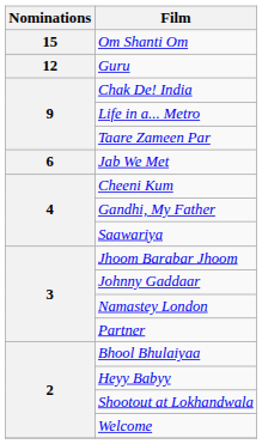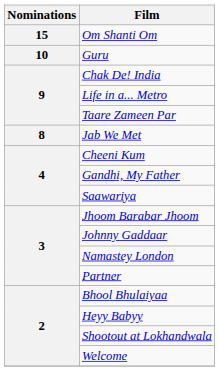 <table class="wikitable" style="display:inline-table;">
 <tr>
 <th>Nominations</th>
 <th>Film</th>
 </tr>
 <tr>
 <th>15</th>
 <td><em><a href='#'>Om Shanti Om</a></em></td>
 </tr>
 <tr>
-<th>12</th>
+<th>10</th>
 <td><em><a href='#'>Guru</a></em></td>
 </tr>
 <tr>
 <th rowspan="3">9</th>
 <td><em><a href='#'>Chak De! India</a></em></td>
 </tr>
 <tr>
 <td><em><a href='#'>Life in a... Metro</a></em></td>
 </tr>
 <tr>
 <td><em><a href='#'>Taare Zameen Par</a></em></td>
 </tr>
 <tr>
-<th>6</th>
+<th>8</th>
 <td><em><a href='#'>Jab We Met</a></em></td>
 </tr>
 <tr>
 <th rowspan="3">4</th>
 <td><em><a href='#'>Cheeni Kum</a></em></td>
 </tr>
 <tr>
 <td><em><a href='#'>Gandhi, My Father</a></em></td>
 </tr>
 <tr>
 <td><em><a href='#'>Saawariya</a></em></td>
 </tr>
 <tr>
 <th rowspan="4">3</th>
 <td><em><a href='#'>Jhoom Barabar Jhoom</a></em></td>
 </tr>
 <tr>
 <td><em><a href='#'>Johnny Gaddaar</a></em></td>
 </tr>
 <tr>
 <td><em><a href='#'>Namastey London</a></em></td>
 </tr>
 <tr>
 <td><em><a href='#'>Partner</a></em></td>
 </tr>
 <tr>
 <th rowspan="4">2</th>
 <td><em><a href='#'>Bhool Bhulaiyaa</a></em></td>
 </tr>
 <tr>
 <td><em><a href='#'>Heyy Babyy</a></em></td>
 </tr>
 <tr>
 <td><em><a href='#'>Shootout at Lokhandwala</a></em></td>
 </tr>
 <tr>
 <td><em><a href='#'>Welcome</a></em></td>
 </tr>
 <tr>
 </tr>
 </table>
